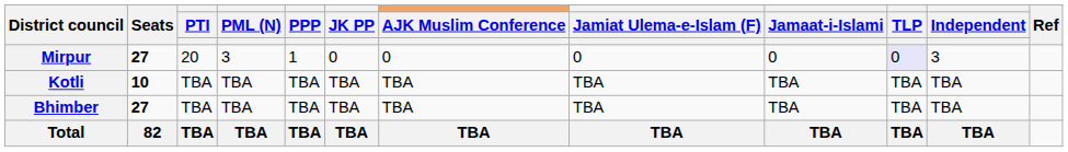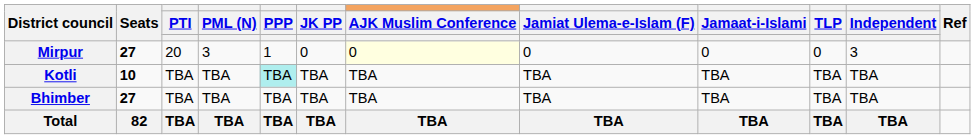 <table class="wikitable">
 <tr>
 <th rowspan="3">District council</th>
 <th rowspan="3">Seats</th>
 <th style="background-color: "></th>
 <th style="background-color: "></th>
 <th style="background-color: "></th>
 <th style="background-color: "></th>
 <td bgcolor="#f4a460"></td>
 <th style="background-color: "></th>
 <th style="background-color: "></th>
 <th style="background-color: "></th>
 <th style="background-color: "></th>
 <th rowspan="3">Ref</th>
 </tr>
 <tr>
 <th><a href='#'>PTI</a></th>
 <th><a href='#'>PML (N)</a></th>
 <th><a href='#'>PPP</a></th>
 <th><a href='#'>JK PP</a></th>
 <th><a href='#'>AJK Muslim Conference</a></th>
 <th><a href='#'>Jamiat Ulema-e-Islam (F)</a></th>
 <th><a href='#'>Jamaat-i-Islami</a></th>
 <th><a href='#'>TLP</a></th>
 <th><a href='#'>Independent</a></th>
 </tr>
 <tr>
 <th></th>
 <th></th>
 <th></th>
 <th></th>
 <th></th>
 <th></th>
 <th></th>
 <th></th>
 <th></th>
 </tr>
 <tr>
 <th><a href='#'>Mirpur</a></th>
 <td><strong>27</strong></td>
 <td>20</td>
 <td>3</td>
 <td>1</td>
 <td>0</td>
+<td style="background: lightyellow;">0</td>
 <td>0</td>
 <td>0</td>
 <td>0</td>
-<td style="background: lavender;">0</td>
 <td>3</td>
 <td></td>
 </tr>
 <tr>
 <th><a href='#'>Kotli</a></th>
 <td><strong>10</strong></td>
 <td>TBA</td>
 <td>TBA</td>
-<td>TBA</td>
+<td style="background: paleturquoise;">TBA</td>
 <td>TBA</td>
 <td>TBA</td>
 <td>TBA</td>
 <td>TBA</td>
 <td>TBA</td>
 <td>TBA</td>
 <td></td>
 </tr>
 <tr>
 <th><a href='#'>Bhimber</a></th>
 <td><strong>27</strong></td>
 <td>TBA</td>
 <td>TBA</td>
 <td>TBA</td>
 <td>TBA</td>
 <td>TBA</td>
 <td>TBA</td>
 <td>TBA</td>
 <td>TBA</td>
 <td>TBA</td>
 <td></td>
 </tr>
 <tr>
 <th><strong>Total</strong></th>
 <th>82</th>
 <th>TBA</th>
 <th>TBA</th>
 <th>TBA</th>
 <th>TBA</th>
 <th>TBA</th>
 <th>TBA</th>
 <th>TBA</th>
 <th>TBA</th>
 <th>TBA</th>
 <td></td>
 </tr>
 </table>
